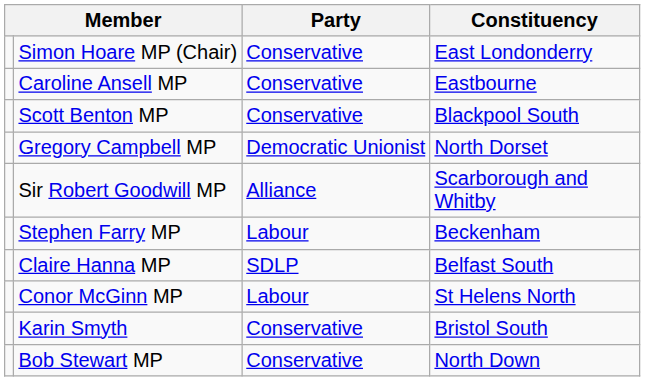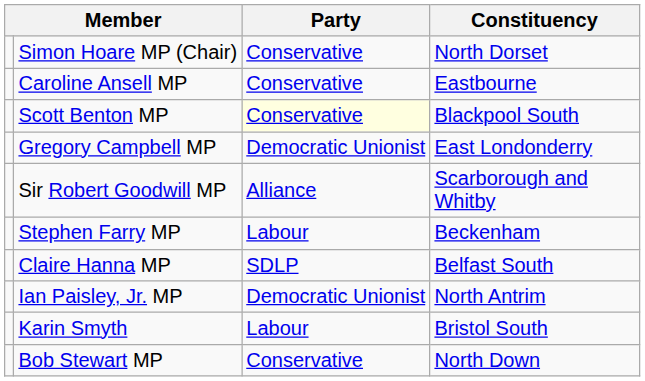 <table class="wikitable">
 <tr>
 <th width="160px" colspan="2" valign="top">Member</th>
 <th valign="top">Party</th>
 <th width="160px" valign="top">Constituency</th>
 </tr>
 <tr>
 <td style="color:inherit;background:"></td>
 <td><a href='#'>Simon Hoare</a> MP (Chair)</td>
 <td><a href='#'>Conservative</a></td>
-<td><a href='#'>East Londonderry</a></td>
+<td><a href='#'>North Dorset</a></td>
 </tr>
 <tr>
 <td style="color:inherit;background:"></td>
 <td><a href='#'>Caroline Ansell</a> MP</td>
 <td><a href='#'>Conservative</a></td>
 <td><a href='#'>Eastbourne</a></td>
 </tr>
 <tr>
 <td style="color:inherit;background:"></td>
 <td><a href='#'>Scott Benton</a> MP</td>
-<td><a href='#'>Conservative</a></td>
+<td style="background: lightyellow;"><a href='#'>Conservative</a></td>
 <td><a href='#'>Blackpool South</a></td>
 </tr>
 <tr>
 <td style="color:inherit;background:"></td>
 <td><a href='#'>Gregory Campbell</a> MP</td>
 <td><a href='#'>Democratic Unionist</a></td>
-<td><a href='#'>North Dorset</a></td>
+<td><a href='#'>East Londonderry</a></td>
 </tr>
 <tr>
 <td style="color:inherit;background:"></td>
 <td>Sir <a href='#'>Robert Goodwill</a> MP</td>
 <td><a href='#'>Alliance</a></td>
 <td><a href='#'>Scarborough and Whitby</a></td>
 </tr>
 <tr>
 <td style="color:inherit;background:"></td>
 <td><a href='#'>Stephen Farry</a> MP</td>
 <td><a href='#'>Labour</a></td>
 <td><a href='#'>Beckenham</a></td>
 </tr>
 <tr>
 <td style="color:inherit;background:"></td>
 <td><a href='#'>Claire Hanna</a> MP</td>
 <td><a href='#'>SDLP</a></td>
 <td><a href='#'>Belfast South</a></td>
 </tr>
 <tr>
 <td style="color:inherit;background:"></td>
-<td><a href='#'>Conor McGinn</a> MP</td>
-<td><a href='#'>Labour</a></td>
-<td><a href='#'>St Helens North</a></td>
+<td><a href='#'>Ian Paisley, Jr.</a> MP</td>
+<td><a href='#'>Democratic Unionist</a></td>
+<td><a href='#'>North Antrim</a></td>
 </tr>
 <tr>
 <td style="color:inherit;background:"></td>
 <td><a href='#'>Karin Smyth</a></td>
-<td><a href='#'>Conservative</a></td>
+<td><a href='#'>Labour</a></td>
 <td><a href='#'>Bristol South</a></td>
 </tr>
 <tr>
 <td style="color:inherit;background:"></td>
 <td><a href='#'>Bob Stewart</a> MP</td>
 <td><a href='#'>Conservative</a></td>
 <td><a href='#'>North Down</a></td>
 </tr>
 </table>
